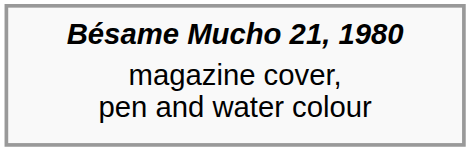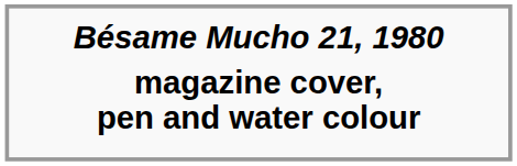 <table class="float-right infobox" style="border:2px solid #999999; width:252px; text-align:center;">
 <tr>
 <th style="font-style:italic;"><em>Bésame Mucho 21</em>, 1980</th>
 </tr>
 <tr>
-<td>magazine cover,<br>pen and water colour</td>
+<td><strong>magazine cover,<br>pen and water colour</strong></td>
 </tr>
 <tr>
 <td></td>
 </tr>
 </table>
